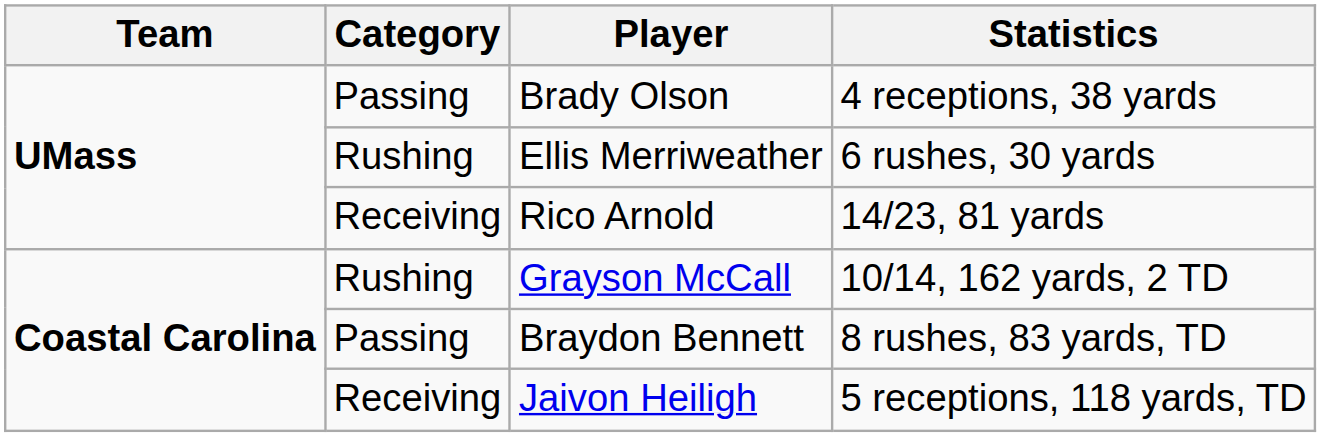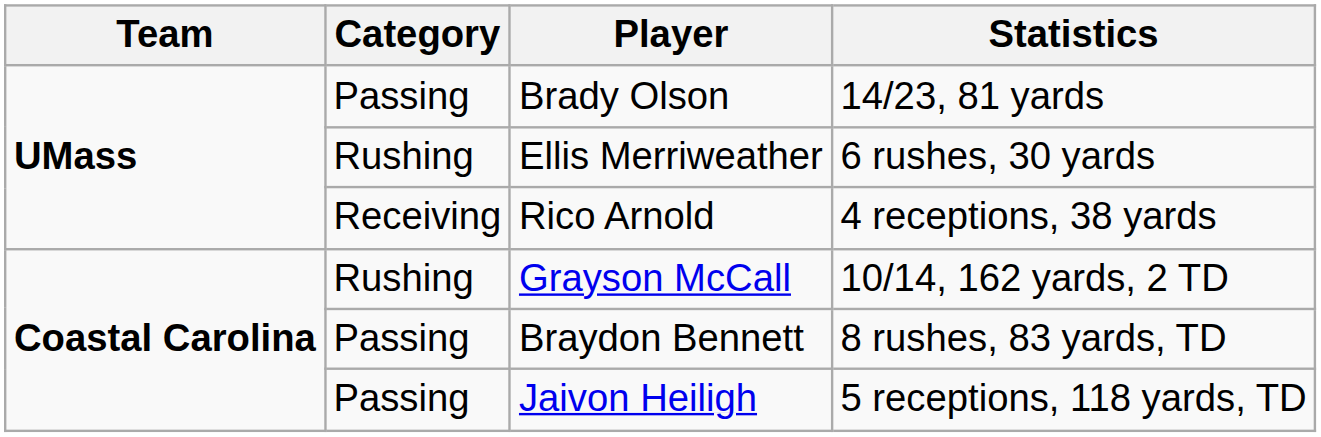 <table class="wikitable" style="float: left;">
 <tr>
 <th>Team</th>
 <th>Category</th>
 <th>Player</th>
 <th>Statistics</th>
 </tr>
 <tr>
 <td rowspan=3><strong>UMass</strong></td>
 <td>Passing</td>
 <td>Brady Olson</td>
-<td>4 receptions, 38 yards</td>
+<td>14/23, 81 yards</td>
 </tr>
 <tr>
 <td>Rushing</td>
 <td>Ellis Merriweather</td>
 <td>6 rushes, 30 yards</td>
 </tr>
 <tr>
 <td>Receiving</td>
 <td>Rico Arnold</td>
-<td>14/23, 81 yards</td>
+<td>4 receptions, 38 yards</td>
 </tr>
 <tr>
 <td rowspan=3><strong>Coastal Carolina</strong></td>
 <td>Rushing</td>
 <td><a href='#'>Grayson McCall</a></td>
 <td>10/14, 162 yards, 2 TD</td>
 </tr>
 <tr>
 <td>Passing</td>
 <td>Braydon Bennett</td>
 <td>8 rushes, 83 yards, TD</td>
 </tr>
 <tr>
-<td>Receiving</td>
+<td>Passing</td>
 <td><a href='#'>Jaivon Heiligh</a></td>
 <td>5 receptions, 118 yards, TD</td>
 </tr>
 </table>
